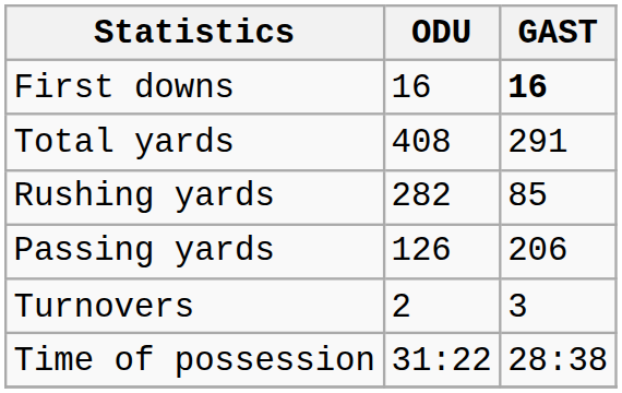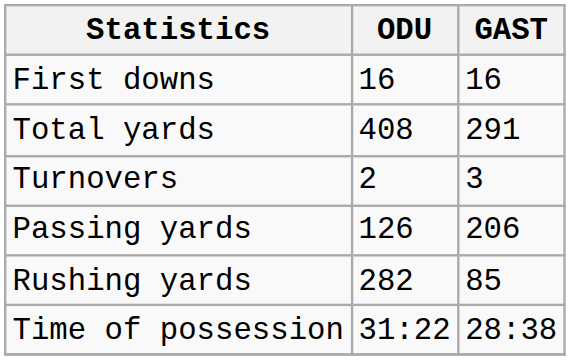 <table class="wikitable">
 <tr>
 <th>Statistics</th>
 <th>ODU</th>
 <th>GAST</th>
 </tr>
 <tr>
 <td>First downs</td>
 <td>16</td>
-<td><strong>16</strong></td>
+<td>16</td>
 </tr>
 <tr>
 <td>Total yards</td>
 <td>408</td>
 <td>291</td>
 </tr>
 <tr>
-<td>Rushing yards</td>
-<td>282</td>
-<td>85</td>
+<td>Turnovers</td>
+<td>2</td>
+<td>3</td>
 </tr>
 <tr>
 <td>Passing yards</td>
 <td>126</td>
 <td>206</td>
 </tr>
 <tr>
-<td>Turnovers</td>
-<td>2</td>
-<td>3</td>
+<td>Rushing yards</td>
+<td>282</td>
+<td>85</td>
 </tr>
 <tr>
 <td>Time of possession</td>
 <td>31:22</td>
 <td>28:38</td>
 </tr>
 <tr>
 </tr>
 </table>
